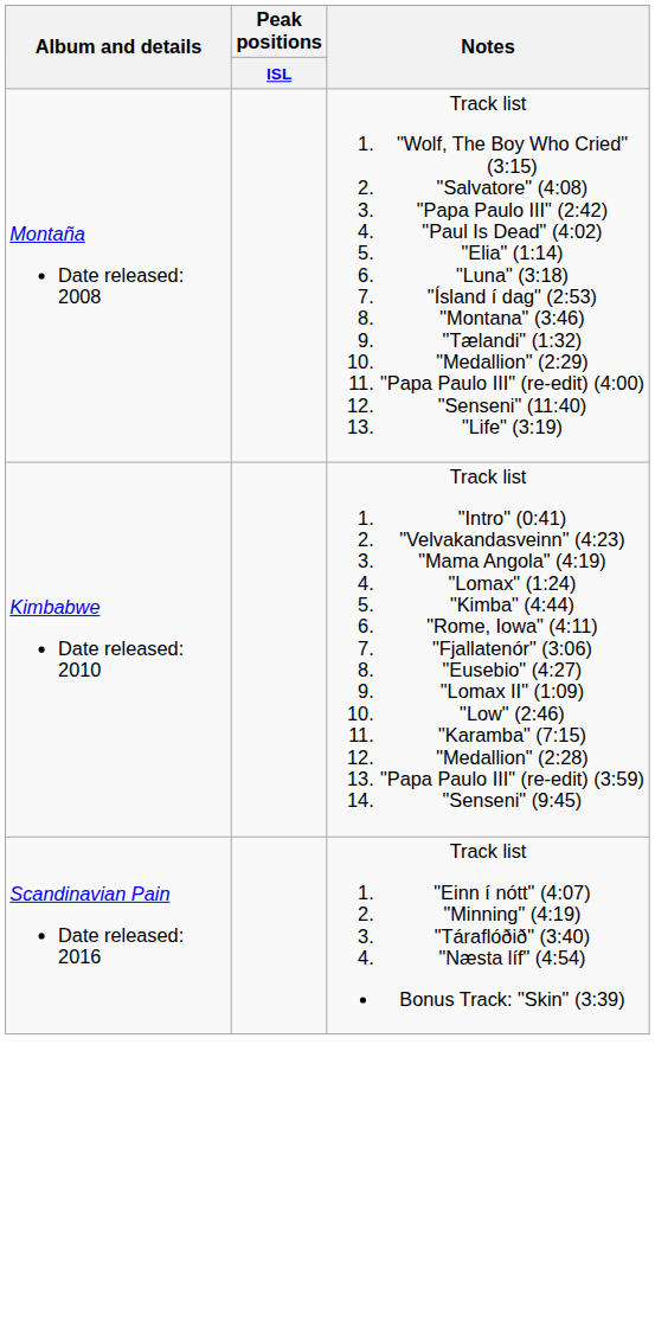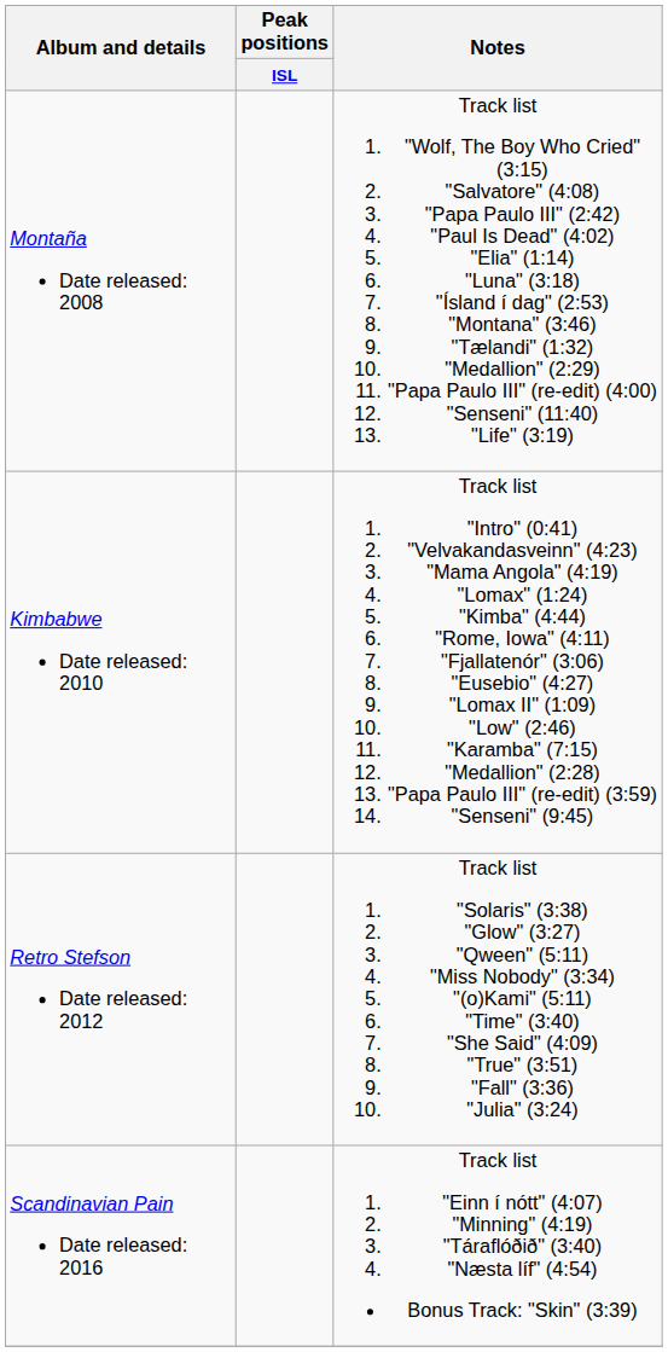 <table class="wikitable">
 <tr>
 <th align="center" rowspan="2" width="180">Album and details</th>
 <th align="center" colspan="1" width="20">Peak positions</th>
 <th align="center" rowspan="2" width="260">Notes</th>
 </tr>
 <tr>
 <th width="20"><small><a href='#'>ISL</a></small></th>
 </tr>
 <tr>
 <td><em><a href='#'>Montaña</a></em><br><ul><li>Date released: 2008</li></ul></td>
 <td style="text-align:center;"></td>
 <td style="text-align:center;">Track list<br><ol><li>"Wolf, The Boy Who Cried" (3:15)</li><li>"Salvatore" (4:08)</li><li>"Papa Paulo III" (2:42)</li><li>"Paul Is Dead" (4:02)</li><li>"Elia" (1:14)</li><li>"Luna" (3:18)</li><li>"Ísland í dag" (2:53)</li><li>"Montana" (3:46)</li><li>"Tælandi" (1:32)</li><li>"Medallion" (2:29)</li><li>"Papa Paulo III" (re-edit) (4:00)</li><li>"Senseni" (11:40)</li><li>"Life" (3:19)</li></ol></td>
 </tr>
 <tr>
 <td><em><a href='#'>Kimbabwe</a></em><br><ul><li>Date released: 2010</li></ul></td>
 <td style="text-align:center;"></td>
 <td style="text-align:center;">Track list<br><ol><li>"Intro" (0:41)</li><li>"Velvakandasveinn" (4:23)</li><li>"Mama Angola" (4:19)</li><li>"Lomax" (1:24)</li><li>"Kimba" (4:44)</li><li>"Rome, Iowa" (4:11)</li><li>"Fjallatenór" (3:06)</li><li>"Eusebio" (4:27)</li><li>"Lomax II" (1:09)</li><li>"Low" (2:46)</li><li>"Karamba" (7:15)</li><li>"Medallion" (2:28)</li><li>"Papa Paulo III" (re-edit) (3:59)</li><li>"Senseni" (9:45)</li></ol></td>
 </tr>
 <tr>
+<td><em><a href='#'>Retro Stefson</a></em><br><ul><li>Date released: 2012</li></ul></td>
+<td style="text-align:center;"></td>
+<td style="text-align:center;">Track list<br><ol><li>"Solaris" (3:38)</li><li>"Glow" (3:27)</li><li>"Qween" (5:11)</li><li>"Miss Nobody" (3:34)</li><li>"(o)Kami" (5:11)</li><li>"Time" (3:40)</li><li>"She Said" (4:09)</li><li>"True" (3:51)</li><li>"Fall" (3:36)</li><li>"Julia" (3:24)</li></ol></td>
+</tr>
+<tr>
 <td><em><a href='#'>Scandinavian Pain</a></em><br><ul><li>Date released: 2016</li></ul></td>
 <td style="text-align:center;"></td>
 <td style="text-align:center;">Track list<br><ol><li>"Einn í nótt" (4:07)</li><li>"Minning" (4:19)</li><li>"Táraflóðið" (3:40)</li><li>"Næsta líf" (4:54)</li></ol><ul><li>Bonus Track: "Skin" (3:39)</li></ul></td>
 </tr>
 <tr>
 </tr>
 </table>
